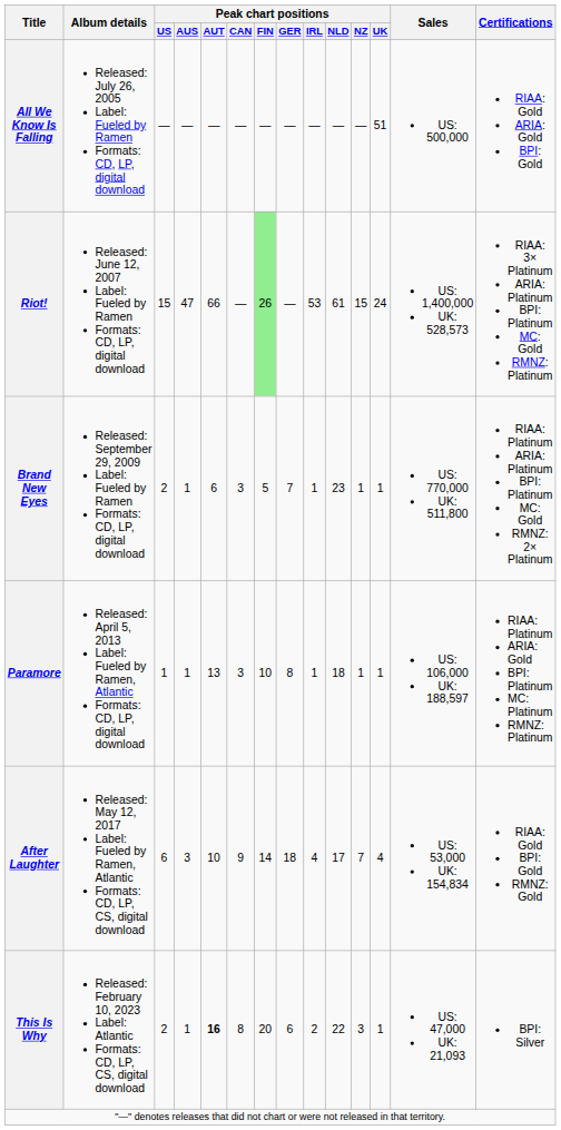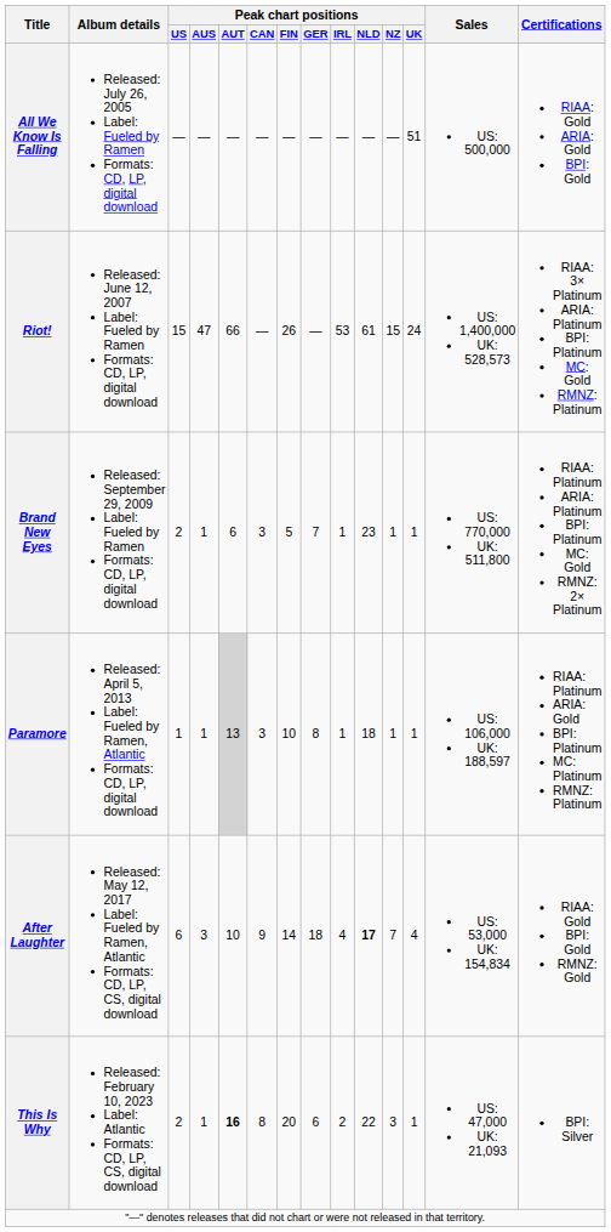 <table class="wikitable plainrowheaders" style="text-align:center;" id="studioalbumstable">
 <tr>
 <th scope="col" rowspan="2" style="width:12em;">Title</th>
 <th scope="col" rowspan="2" style="width:20em;">Album details</th>
 <th scope="col" colspan="10">Peak chart positions</th>
 <th scope="col" rowspan="2" style="width:10em;">Sales</th>
 <th scope="col" rowspan="2" style="width:12em;"><a href='#'>Certifications</a></th>
 </tr>
 <tr>
 <th scope="col" style="width:3em;font-size:90%;"><a href='#'>US</a><br></th>
 <th scope="col" style="width:3em;font-size:90%;"><a href='#'>AUS</a><br></th>
 <th scope="col" style="width:3em;font-size:90%;"><a href='#'>AUT</a><br></th>
 <th scope="col" style="width:3em;font-size:90%;"><a href='#'>CAN</a><br></th>
 <th scope="col" style="width:3em;font-size:90%;"><a href='#'>FIN</a><br></th>
 <th scope="col" style="width:3em;font-size:90%;"><a href='#'>GER</a><br></th>
 <th scope="col" style="width:3em;font-size:90%;"><a href='#'>IRL</a><br></th>
 <th scope="col" style="width:3em;font-size:90%;"><a href='#'>NLD</a><br></th>
 <th scope="col" style="width:3em;font-size:90%;"><a href='#'>NZ</a><br></th>
 <th scope="col" style="width:3em;font-size:90%;"><a href='#'>UK</a><br></th>
 </tr>
 <tr>
 <th scope="row"><em><a href='#'>All We Know Is Falling</a></em></th>
 <td style="text-align:left;"><br><ul><li>Released: July 26, 2005</li><li>Label: <a href='#'>Fueled by Ramen</a></li><li>Formats: <a href='#'>CD</a>, <a href='#'>LP</a>, <a href='#'>digital download</a></li></ul></td>
 <td>—</td>
 <td>—</td>
 <td>—</td>
 <td>—</td>
 <td>—</td>
 <td>—</td>
 <td>—</td>
 <td>—</td>
 <td>—</td>
 <td>51</td>
 <td><br><ul><li>US: 500,000</li></ul></td>
 <td><br><ul><li><a href='#'>RIAA</a>: Gold</li><li><a href='#'>ARIA</a>: Gold</li><li><a href='#'>BPI</a>: Gold</li></ul></td>
 </tr>
 <tr>
 <th scope="row"><em><a href='#'>Riot!</a></em></th>
 <td style="text-align:left;"><br><ul><li>Released: June 12, 2007</li><li>Label: Fueled by Ramen</li><li>Formats: CD, LP, digital download</li></ul></td>
 <td>15</td>
 <td>47</td>
 <td>66</td>
 <td>—</td>
-<td style="background: lightgreen;">26</td>
+<td>26</td>
 <td>—</td>
 <td>53</td>
 <td>61</td>
 <td>15</td>
 <td>24</td>
 <td><br><ul><li>US: 1,400,000</li><li>UK: 528,573</li></ul></td>
 <td><br><ul><li>RIAA: 3× Platinum</li><li>ARIA: Platinum</li><li>BPI: Platinum</li><li><a href='#'>MC</a>: Gold</li><li><a href='#'>RMNZ</a>: Platinum</li></ul></td>
 </tr>
 <tr>
 <th scope="row"><em><a href='#'>Brand New Eyes</a></em></th>
 <td style="text-align:left;"><br><ul><li>Released: September 29, 2009</li><li>Label: Fueled by Ramen</li><li>Formats: CD, LP, digital download</li></ul></td>
 <td>2</td>
 <td>1</td>
 <td>6</td>
 <td>3</td>
 <td>5</td>
 <td>7</td>
 <td>1</td>
 <td>23</td>
 <td>1</td>
 <td>1</td>
 <td><br><ul><li>US: 770,000</li><li>UK: 511,800</li></ul></td>
 <td><br><ul><li>RIAA: Platinum</li><li>ARIA: Platinum</li><li>BPI: Platinum</li><li>MC: Gold</li><li>RMNZ: 2× Platinum</li></ul></td>
 </tr>
 <tr>
 <th scope="row"><em><a href='#'>Paramore</a></em></th>
 <td style="text-align:left;"><br><ul><li>Released: April 5, 2013</li><li>Label: Fueled by Ramen, <a href='#'>Atlantic</a></li><li>Formats: CD, LP, digital download</li></ul></td>
 <td>1</td>
 <td>1</td>
-<td>13</td>
+<td style="background: lightgrey;">13</td>
 <td>3</td>
 <td>10</td>
 <td>8</td>
 <td>1</td>
 <td>18</td>
 <td>1</td>
 <td>1</td>
 <td><br><ul><li>US: 106,000</li><li>UK: 188,597</li></ul></td>
 <td style="text-align:left;"><br><ul><li>RIAA: Platinum</li><li>ARIA: Gold</li><li>BPI: Platinum</li><li>MC: Platinum</li><li>RMNZ: Platinum</li></ul></td>
 </tr>
 <tr>
 <th scope="row"><em><a href='#'>After Laughter</a></em></th>
 <td style="text-align:left;"><br><ul><li>Released: May 12, 2017</li><li>Label: Fueled by Ramen, Atlantic</li><li>Formats: CD, LP, CS, digital download</li></ul></td>
 <td>6</td>
 <td>3</td>
 <td>10</td>
 <td>9</td>
 <td>14</td>
 <td>18</td>
 <td>4</td>
-<td>17</td>
+<td><strong>17</strong></td>
 <td>7</td>
 <td>4</td>
 <td><br><ul><li>US: 53,000</li><li>UK: 154,834</li></ul></td>
 <td><br><ul><li>RIAA: Gold</li><li>BPI: Gold</li><li>RMNZ: Gold</li></ul></td>
 </tr>
 <tr>
 <th scope="row"><em><a href='#'>This Is Why</a></em></th>
 <td style="text-align:left;"><br><ul><li>Released: February 10, 2023</li><li>Label: Atlantic</li><li>Formats: CD, LP, CS, digital download</li></ul></td>
 <td>2</td>
 <td>1</td>
 <td><strong>16</strong></td>
 <td>8</td>
 <td>20</td>
 <td>6</td>
 <td>2</td>
 <td>22</td>
 <td>3</td>
 <td>1</td>
 <td><br><ul><li>US: 47,000</li><li>UK: 21,093</li></ul></td>
 <td><br><ul><li>BPI: Silver</li></ul></td>
 </tr>
 <tr>
 <td colspan="14" style="font-size:85%">"—" denotes releases that did not chart or were not released in that territory.</td>
 </tr>
 </table>
